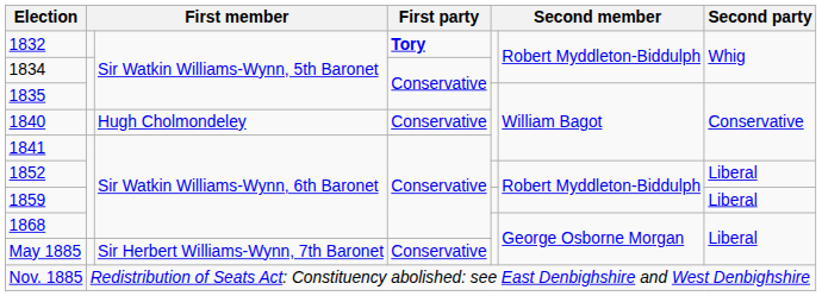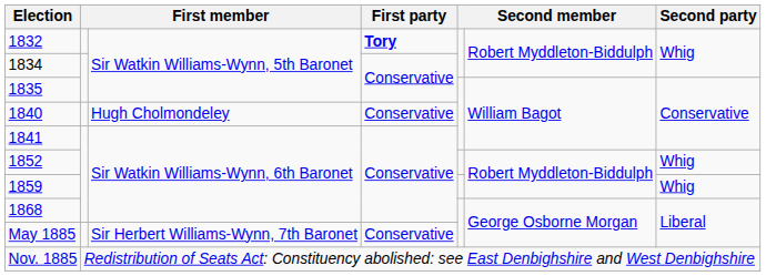 <table class="wikitable">
 <tr>
 <th>Election</th>
 <th colspan="2">First member</th>
 <th>First party</th>
 <th colspan="2">Second member</th>
 <th>Second party</th>
 </tr>
 <tr>
 <td><a href='#'>1832</a></td>
 <td style="color:inherit;background-color: "></td>
 <td rowspan="3"><a href='#'>Sir Watkin Williams-Wynn, 5th Baronet</a></td>
 <td><strong><a href='#'>Tory</a></strong></td>
 <td rowspan="2" style="color:inherit;background-color: "></td>
 <td rowspan="2"><a href='#'>Robert Myddleton-Biddulph</a></td>
 <td rowspan="2"><a href='#'>Whig</a></td>
 </tr>
 <tr>
 <td>1834</td>
 <td rowspan="2" style="color:inherit;background-color: "></td>
 <td rowspan="2"><a href='#'>Conservative</a></td>
 </tr>
 <tr>
 <td><a href='#'>1835</a></td>
 <td rowspan="3" style="color:inherit;background-color: "></td>
 <td rowspan="3"><a href='#'>William Bagot</a></td>
 <td rowspan="3"><a href='#'>Conservative</a></td>
 </tr>
 <tr>
 <td><a href='#'>1840</a></td>
 <td style="color:inherit;background-color: "></td>
 <td><a href='#'>Hugh Cholmondeley</a></td>
 <td><a href='#'>Conservative</a></td>
 </tr>
 <tr>
 <td><a href='#'>1841</a></td>
 <td rowspan="4" style="color:inherit;background-color: "></td>
 <td rowspan="4"><a href='#'>Sir Watkin Williams-Wynn, 6th Baronet</a></td>
 <td rowspan="4"><a href='#'>Conservative</a></td>
 </tr>
 <tr>
 <td><a href='#'>1852</a></td>
 <td style="color:inherit;background-color: "></td>
 <td rowspan="2"><a href='#'>Robert Myddleton-Biddulph</a></td>
-<td><a href='#'>Liberal</a></td>
+<td><a href='#'>Whig</a></td>
 </tr>
 <tr>
 <td><a href='#'>1859</a></td>
 <td style="color:inherit;background-color: "></td>
-<td><a href='#'>Liberal</a></td>
+<td><a href='#'>Whig</a></td>
 </tr>
 <tr>
 <td><a href='#'>1868</a></td>
 <td rowspan="2" style="color:inherit;background-color: "></td>
 <td rowspan="2"><a href='#'>George Osborne Morgan</a></td>
 <td rowspan="2"><a href='#'>Liberal</a></td>
 </tr>
 <tr>
 <td><a href='#'>May 1885</a></td>
 <td style="color:inherit;background-color: "></td>
 <td><a href='#'>Sir Herbert Williams-Wynn, 7th Baronet</a></td>
 <td><a href='#'>Conservative</a></td>
 </tr>
 <tr>
 <td><a href='#'>Nov. 1885</a></td>
 <td colspan="6"><em><a href='#'>Redistribution of Seats Act</a>: Constituency abolished: see <a href='#'>East Denbighshire</a> and <a href='#'>West Denbighshire</a></em></td>
 </tr>
 </table>
